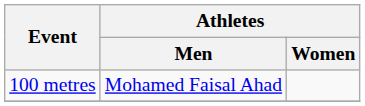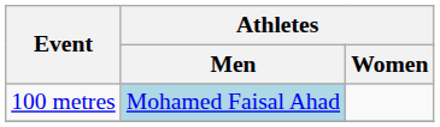 <table class=wikitable style="font-size:90%">
 <tr>
 <th rowspan=2>Event</th>
 <th colspan=2>Athletes</th>
 </tr>
 <tr>
 <th>Men</th>
 <th>Women</th>
 </tr>
 <tr>
 <td><a href='#'>100 metres</a></td>
-<td><a href='#'>Mohamed Faisal Ahad</a></td>
+<td style="background: lightblue;"><a href='#'>Mohamed Faisal Ahad</a></td>
 <td></td>
 </tr>
 <tr>
 </tr>
 </table>
